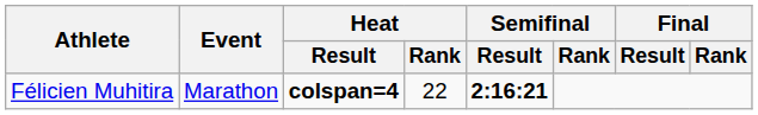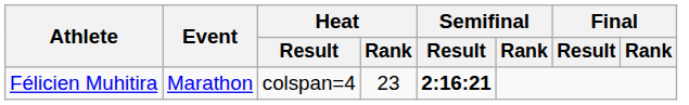 <table class="wikitable" style="font-size:90%">
 <tr>
 <th rowspan="2">Athlete</th>
 <th rowspan="2">Event</th>
 <th colspan="2">Heat</th>
 <th colspan="2">Semifinal</th>
 <th colspan="2">Final</th>
 </tr>
 <tr style="font-size:95%">
 <th>Result</th>
 <th>Rank</th>
 <th>Result</th>
 <th>Rank</th>
 <th>Result</th>
 <th>Rank</th>
 </tr>
 <tr style=text-align:center>
 <td style=text-align:left><a href='#'>Félicien Muhitira</a></td>
 <td style=text-align:left><a href='#'>Marathon</a></td>
-<td><strong>colspan=4 </strong></td>
-<td>22</td>
+<td>colspan=4 </td>
+<td>23</td>
 <td><strong>2:16:21</strong></td>
 </tr>
 </table>
